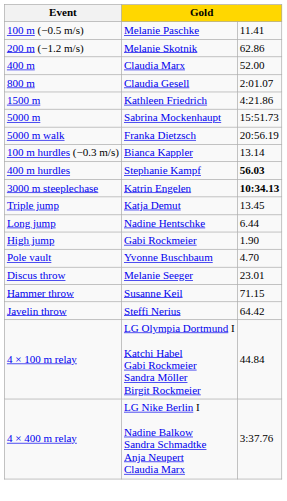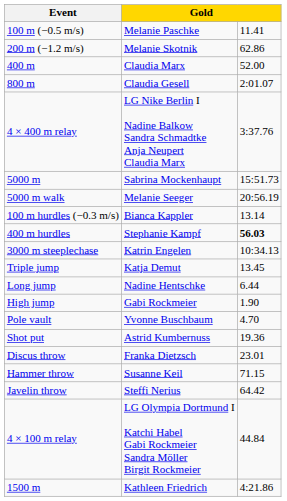 <table class="wikitable">
 <tr>
 <th>Event</th>
 <th style="background:gold;" colspan=2>Gold</th>
 </tr>
 <tr>
 <td><a href='#'>100 m</a> (−0.5 m/s)</td>
 <td><a href='#'>Melanie Paschke</a></td>
 <td>11.41</td>
 </tr>
 <tr>
 <td><a href='#'>200 m</a> (−1.2 m/s)</td>
 <td><a href='#'>Melanie Skotnik</a></td>
 <td>62.86</td>
 </tr>
 <tr>
 <td><a href='#'>400 m</a></td>
 <td><a href='#'>Claudia Marx</a></td>
 <td>52.00</td>
 </tr>
 <tr>
 <td><a href='#'>800 m</a></td>
 <td><a href='#'>Claudia Gesell</a></td>
 <td>2:01.07</td>
 </tr>
 <tr>
-<td><a href='#'>1500 m</a></td>
-<td><a href='#'>Kathleen Friedrich</a></td>
-<td>4:21.86</td>
+<td><a href='#'>4 × 400 m relay</a></td>
+<td><a href='#'>LG Nike Berlin</a> I <br><br><a href='#'>Nadine Balkow</a> <br> <a href='#'>Sandra Schmadtke</a> <br> <a href='#'>Anja Neupert</a> <br> <a href='#'>Claudia Marx</a></td>
+<td>3:37.76</td>
 </tr>
 <tr>
 <td><a href='#'>5000 m</a></td>
 <td><a href='#'>Sabrina Mockenhaupt</a></td>
 <td>15:51.73</td>
 </tr>
 <tr>
 <td><a href='#'>5000 m walk</a></td>
-<td><a href='#'>Franka Dietzsch</a></td>
+<td><a href='#'>Melanie Seeger</a></td>
 <td>20:56.19</td>
 </tr>
 <tr>
 <td><a href='#'>100 m hurdles</a> (−0.3 m/s)</td>
 <td><a href='#'>Bianca Kappler</a></td>
 <td>13.14</td>
 </tr>
 <tr>
 <td><a href='#'>400 m hurdles</a></td>
 <td><a href='#'>Stephanie Kampf</a></td>
 <td><strong>56.03</strong></td>
 </tr>
 <tr>
 <td><a href='#'>3000 m steeplechase</a></td>
 <td><a href='#'>Katrin Engelen</a></td>
-<td><strong>10:34.13</strong></td>
+<td>10:34.13</td>
 </tr>
 <tr>
 <td><a href='#'>Triple jump</a></td>
 <td><a href='#'>Katja Demut</a></td>
 <td>13.45</td>
 </tr>
 <tr>
 <td><a href='#'>Long jump</a></td>
 <td><a href='#'>Nadine Hentschke</a></td>
 <td>6.44</td>
 </tr>
 <tr>
 <td><a href='#'>High jump</a></td>
 <td><a href='#'>Gabi Rockmeier</a></td>
 <td>1.90</td>
 </tr>
 <tr>
 <td><a href='#'>Pole vault</a></td>
 <td><a href='#'>Yvonne Buschbaum</a></td>
 <td>4.70 </td>
 </tr>
 <tr>
+<td><a href='#'>Shot put</a></td>
+<td><a href='#'>Astrid Kumbernuss</a></td>
+<td>19.36</td>
+</tr>
+<tr>
 <td><a href='#'>Discus throw</a></td>
-<td><a href='#'>Melanie Seeger</a></td>
+<td><a href='#'>Franka Dietzsch</a></td>
 <td>23.01 </td>
 </tr>
 <tr>
 <td><a href='#'>Hammer throw</a></td>
 <td><a href='#'>Susanne Keil</a></td>
 <td>71.15 </td>
 </tr>
 <tr>
 <td><a href='#'>Javelin throw</a></td>
 <td><a href='#'>Steffi Nerius</a></td>
 <td>64.42</td>
 </tr>
 <tr>
 <td><a href='#'>4 × 100 m relay</a></td>
 <td><a href='#'>LG Olympia Dortmund</a> I <br><br><a href='#'>Katchi Habel</a> <br> <a href='#'>Gabi Rockmeier</a> <br> <a href='#'>Sandra Möller</a> <br> <a href='#'>Birgit Rockmeier</a></td>
 <td>44.84</td>
 </tr>
 <tr>
-<td><a href='#'>4 × 400 m relay</a></td>
-<td><a href='#'>LG Nike Berlin</a> I <br><br><a href='#'>Nadine Balkow</a> <br> <a href='#'>Sandra Schmadtke</a> <br> <a href='#'>Anja Neupert</a> <br> <a href='#'>Claudia Marx</a></td>
-<td>3:37.76</td>
+<td><a href='#'>1500 m</a></td>
+<td><a href='#'>Kathleen Friedrich</a></td>
+<td>4:21.86</td>
 </tr>
 </table>
